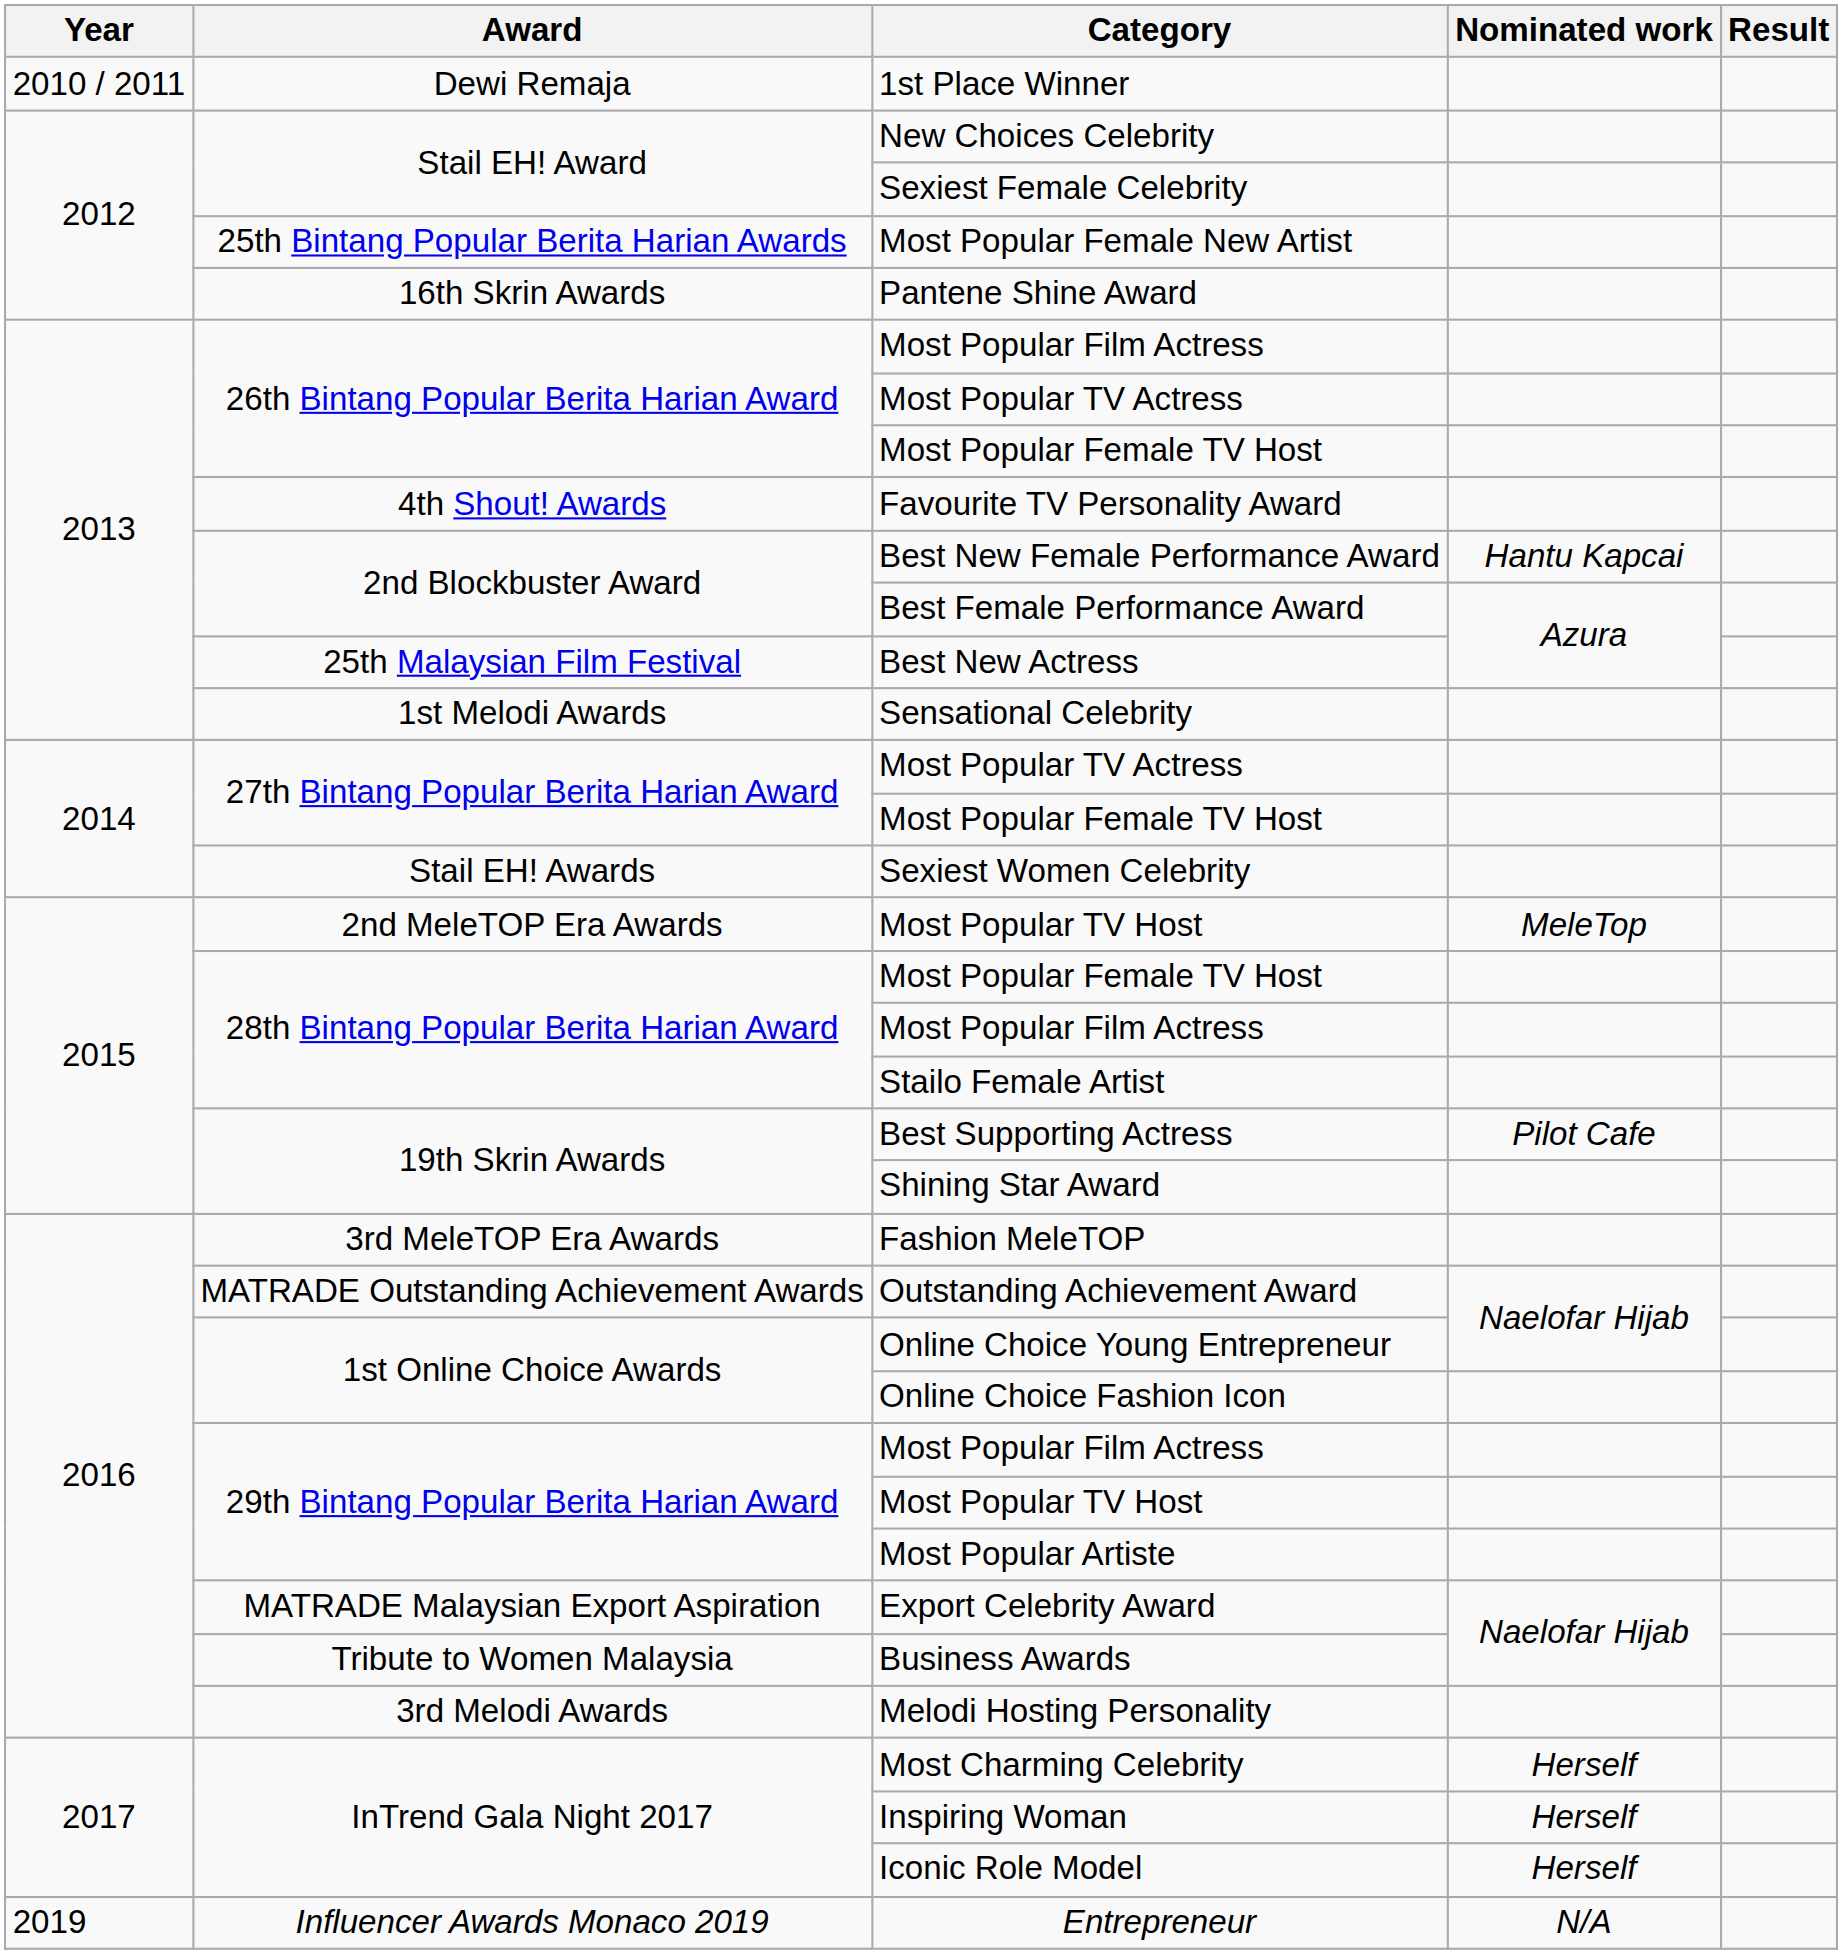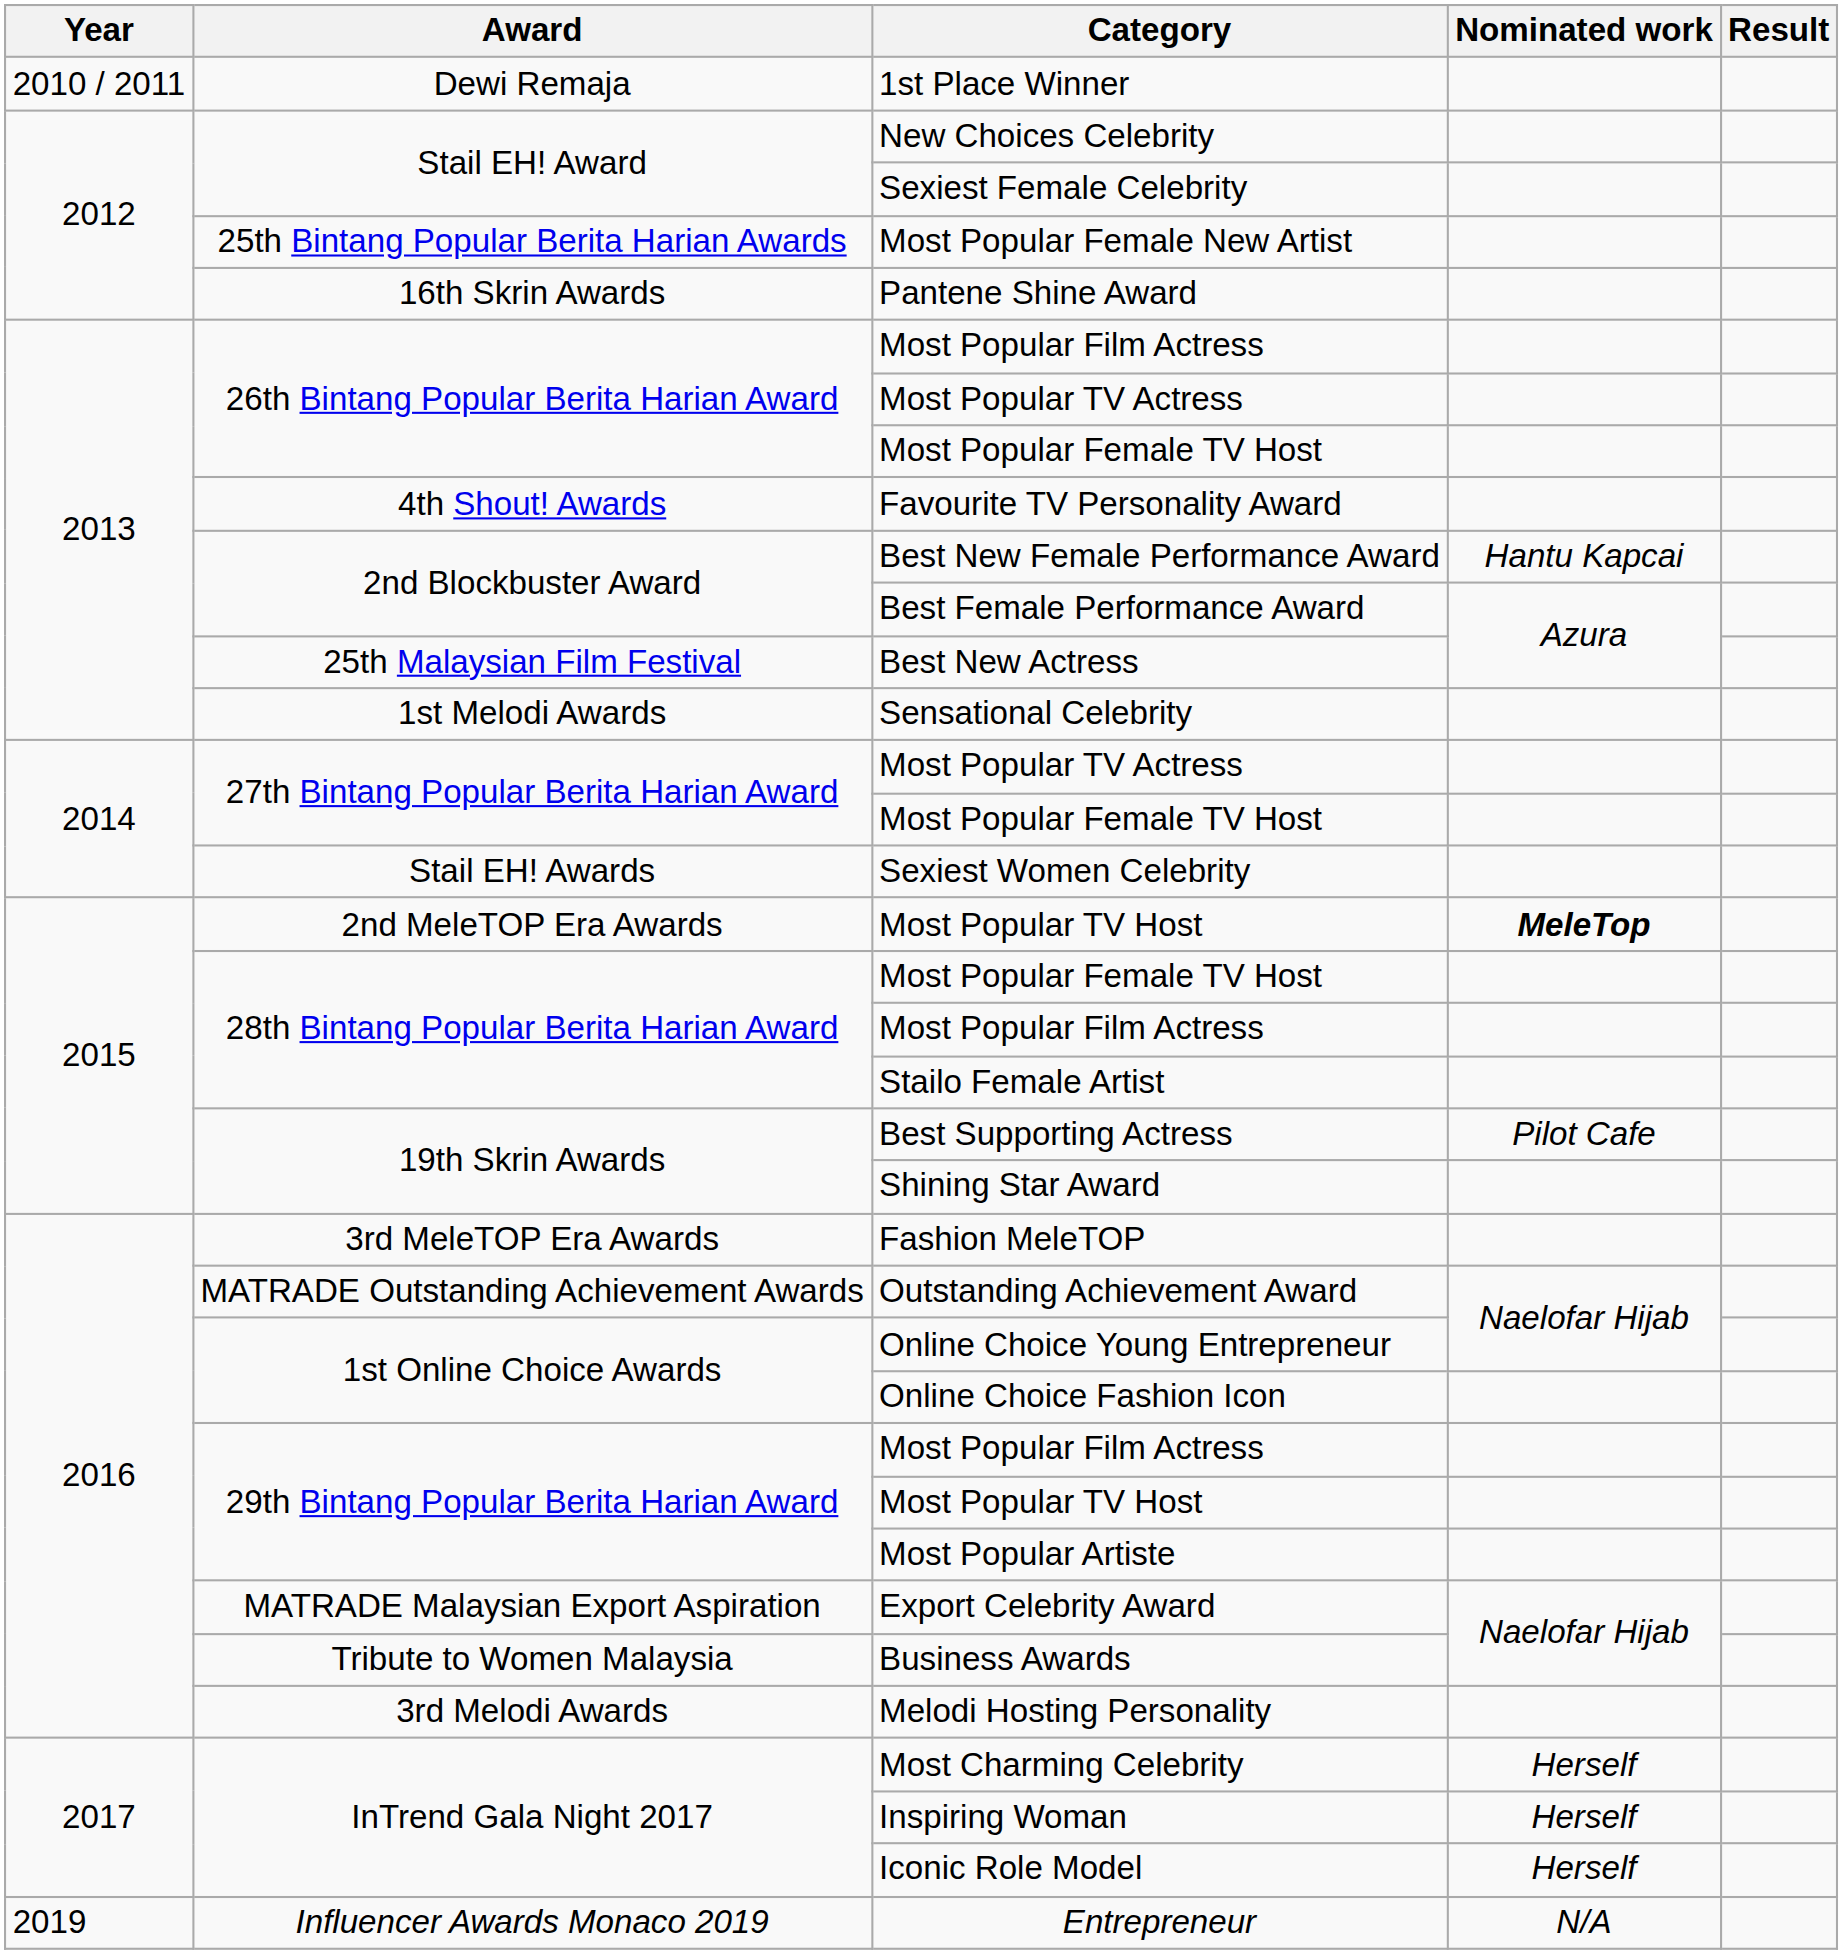 <table class="wikitable">
 <tr>
 <th>Year</th>
 <th>Award</th>
 <th>Category</th>
 <th>Nominated work</th>
 <th>Result</th>
 </tr>
 <tr>
 <td style="text-align:center">2010 / 2011</td>
 <td style="text-align:center;">Dewi Remaja</td>
 <td>1st Place Winner</td>
 <td></td>
 <td></td>
 </tr>
 <tr>
 <td rowspan="4" style="text-align:center">2012</td>
 <td rowspan="2" style="text-align:center;">Stail EH! Award</td>
 <td>New Choices Celebrity</td>
 <td></td>
 <td></td>
 </tr>
 <tr>
 <td>Sexiest Female Celebrity</td>
 <td></td>
 <td></td>
 </tr>
 <tr>
 <td style="text-align:center;">25th <a href='#'>Bintang Popular Berita Harian Awards</a></td>
 <td>Most Popular Female New Artist</td>
 <td></td>
 <td></td>
 </tr>
 <tr>
 <td style="text-align:center;">16th Skrin Awards</td>
 <td>Pantene Shine Award</td>
 <td></td>
 <td></td>
 </tr>
 <tr>
 <td rowspan="8" style="text-align:center">2013</td>
 <td rowspan="3" style="text-align:center;">26th <a href='#'>Bintang Popular Berita Harian Award</a></td>
 <td>Most Popular Film Actress</td>
 <td></td>
 <td></td>
 </tr>
 <tr>
 <td>Most Popular TV Actress</td>
 <td></td>
 <td></td>
 </tr>
 <tr>
 <td>Most Popular Female TV Host</td>
 <td></td>
 <td></td>
 </tr>
 <tr>
 <td style="text-align:center;">4th <a href='#'>Shout! Awards</a></td>
 <td>Favourite TV Personality Award</td>
 <td></td>
 <td></td>
 </tr>
 <tr>
 <td rowspan="2" style="text-align:center;">2nd Blockbuster Award</td>
 <td>Best New Female Performance Award</td>
 <td style="text-align:center"><em>Hantu Kapcai</em></td>
 <td></td>
 </tr>
 <tr>
 <td>Best Female Performance Award</td>
 <td rowspan="2" style="text-align:center"><em>Azura</em></td>
 <td></td>
 </tr>
 <tr>
 <td style="text-align:center;">25th <a href='#'>Malaysian Film Festival</a></td>
 <td>Best New Actress</td>
 <td></td>
 </tr>
 <tr>
 <td style="text-align:center;">1st Melodi Awards</td>
 <td>Sensational Celebrity</td>
 <td></td>
 <td></td>
 </tr>
 <tr>
 <td rowspan="3" style="text-align:center">2014</td>
 <td rowspan="2" style="text-align:center;">27th <a href='#'>Bintang Popular Berita Harian Award</a></td>
 <td>Most Popular TV Actress</td>
 <td></td>
 <td></td>
 </tr>
 <tr>
 <td>Most Popular Female TV Host</td>
 <td></td>
 <td></td>
 </tr>
 <tr>
 <td style="text-align:center;">Stail EH! Awards</td>
 <td>Sexiest Women Celebrity</td>
 <td></td>
 <td></td>
 </tr>
 <tr>
 <td rowspan="6" style="text-align:center">2015</td>
 <td style="text-align:center;">2nd MeleTOP Era Awards</td>
 <td>Most Popular TV Host</td>
-<td style="text-align:center"><em>MeleTop</em></td>
+<td style="text-align:center"><strong><em>MeleTop</em></strong></td>
 <td></td>
 </tr>
 <tr>
 <td rowspan="3" style="text-align:center;">28th <a href='#'>Bintang Popular Berita Harian Award</a></td>
 <td>Most Popular Female TV Host</td>
 <td></td>
 <td></td>
 </tr>
 <tr>
 <td>Most Popular Film Actress</td>
 <td></td>
 <td></td>
 </tr>
 <tr>
 <td>Stailo Female Artist</td>
 <td></td>
 <td></td>
 </tr>
 <tr>
 <td rowspan="2" style="text-align:center;">19th Skrin Awards</td>
 <td>Best Supporting Actress</td>
 <td style="text-align:center"><em>Pilot Cafe</em></td>
 <td></td>
 </tr>
 <tr>
 <td>Shining Star Award</td>
 <td></td>
 <td></td>
 </tr>
 <tr>
 <td rowspan="10" style="text-align:center">2016</td>
 <td style="text-align:center;">3rd MeleTOP Era Awards</td>
 <td>Fashion MeleTOP</td>
 <td></td>
 <td></td>
 </tr>
 <tr>
 <td style="text-align:center;">MATRADE Outstanding Achievement Awards</td>
 <td>Outstanding Achievement Award</td>
 <td rowspan="2" style="text-align:center"><em>Naelofar Hijab</em></td>
 <td></td>
 </tr>
 <tr>
 <td rowspan="2" style="text-align:center;">1st Online Choice Awards</td>
 <td>Online Choice Young Entrepreneur</td>
 <td></td>
 </tr>
 <tr>
 <td>Online Choice Fashion Icon</td>
 <td></td>
 <td></td>
 </tr>
 <tr>
 <td rowspan="3" style="text-align:center;">29th <a href='#'>Bintang Popular Berita Harian Award</a></td>
 <td>Most Popular Film Actress</td>
 <td></td>
 <td></td>
 </tr>
 <tr>
 <td>Most Popular TV Host</td>
 <td></td>
 <td></td>
 </tr>
 <tr>
 <td>Most Popular Artiste</td>
 <td></td>
 <td></td>
 </tr>
 <tr>
 <td style="text-align:center;">MATRADE Malaysian Export Aspiration</td>
 <td>Export Celebrity Award</td>
 <td rowspan="2" style="text-align:center"><em>Naelofar Hijab</em></td>
 <td></td>
 </tr>
 <tr>
 <td style="text-align:center;">Tribute to Women Malaysia</td>
 <td>Business Awards</td>
 <td></td>
 </tr>
 <tr>
 <td style="text-align:center;">3rd Melodi Awards</td>
 <td>Melodi Hosting Personality</td>
 <td></td>
 <td></td>
 </tr>
 <tr>
 <td rowspan="3" style="text-align:center;">2017</td>
 <td rowspan="3" style="text-align:center;">InTrend Gala Night 2017</td>
 <td>Most Charming Celebrity</td>
 <td style="text-align:center;"><em>Herself</em></td>
 <td></td>
 </tr>
 <tr>
 <td>Inspiring Woman</td>
 <td style="text-align:center;"><em>Herself</em></td>
 <td></td>
 </tr>
 <tr>
 <td>Iconic Role Model</td>
 <td style="text-align:center;"><em>Herself</em></td>
 <td></td>
 </tr>
 <tr>
 <td>2019</td>
 <td style="text-align:center;"><em>Influencer Awards Monaco 2019</em></td>
 <td style="text-align:center;"><em>Entrepreneur</em></td>
 <td style="text-align:center;"><em>N/A</em></td>
 <td></td>
 </tr>
 </table>
